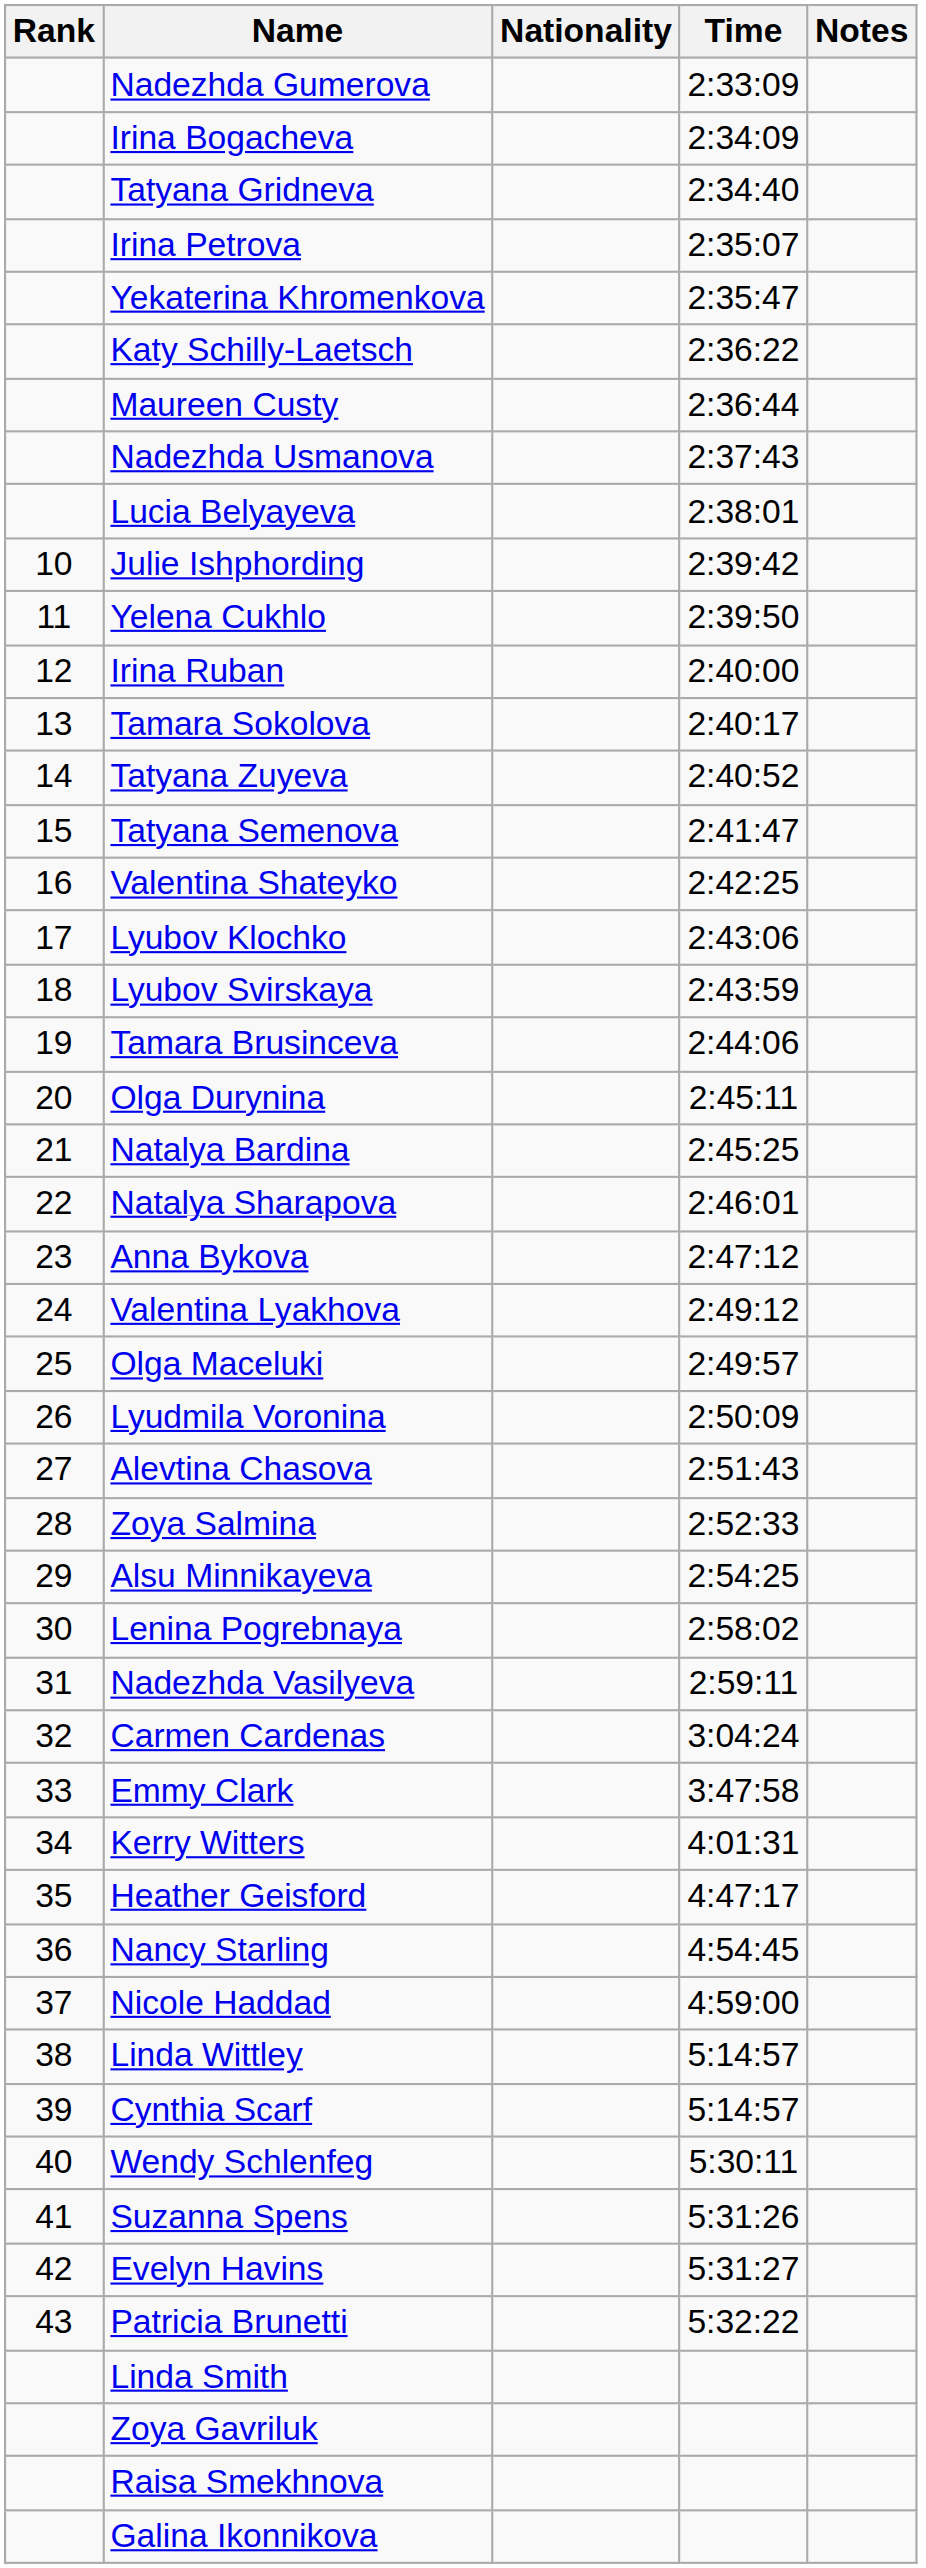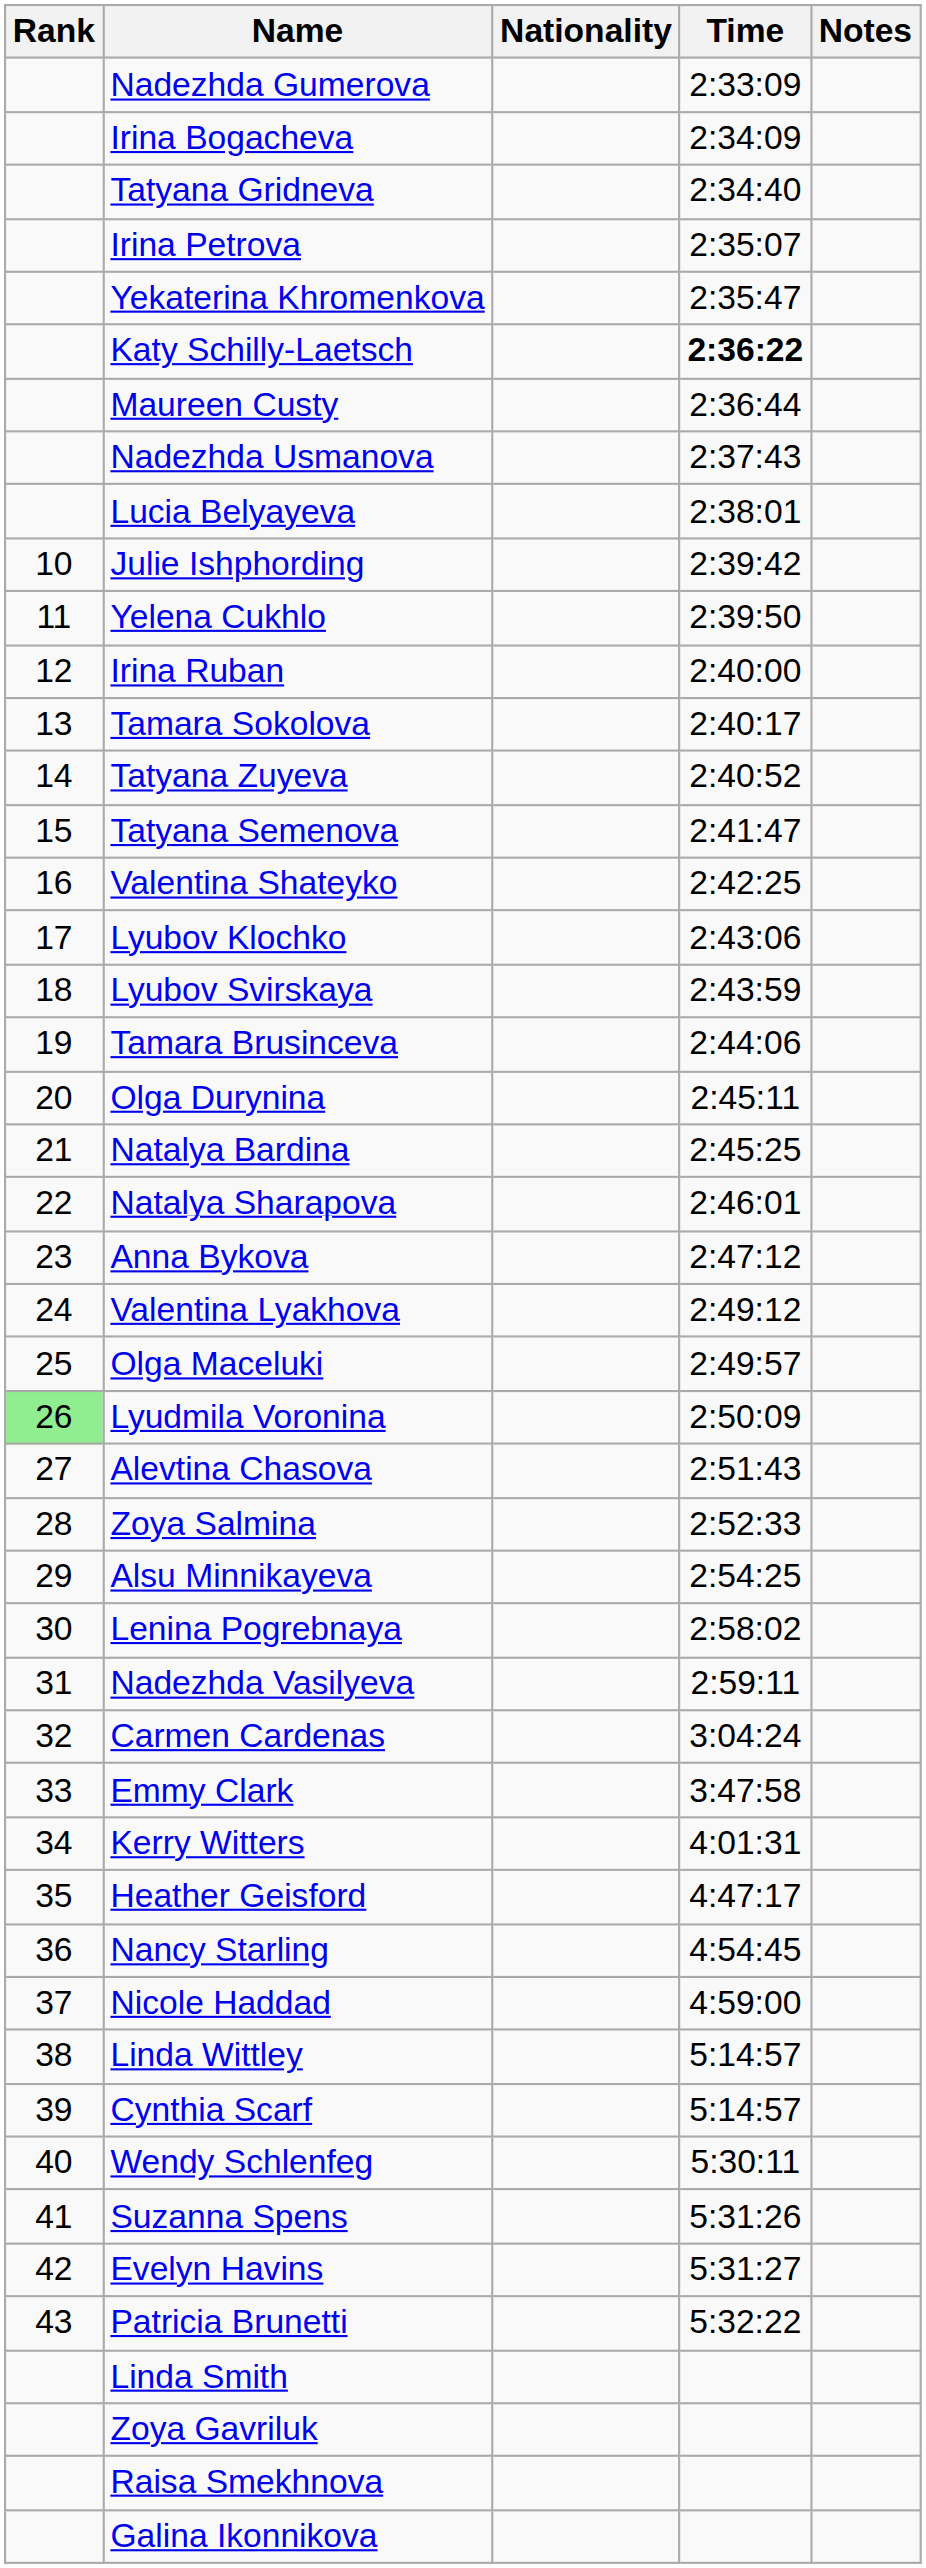 <table class="wikitable sortable" style="text-align:center">
 <tr>
 <th>Rank</th>
 <th>Name</th>
 <th>Nationality</th>
 <th>Time</th>
 <th>Notes</th>
 </tr>
 <tr>
 <td></td>
 <td align=left><a href='#'>Nadezhda Gumerova</a></td>
 <td align=left></td>
 <td>2:33:09</td>
 <td></td>
 </tr>
 <tr>
 <td></td>
 <td align=left><a href='#'>Irina Bogacheva</a></td>
 <td align=left></td>
 <td>2:34:09</td>
 <td></td>
 </tr>
 <tr>
 <td></td>
 <td align=left><a href='#'>Tatyana Gridneva</a></td>
 <td align=left></td>
 <td>2:34:40</td>
 <td></td>
 </tr>
 <tr>
 <td></td>
 <td align=left><a href='#'>Irina Petrova</a></td>
 <td align=left></td>
 <td>2:35:07</td>
 <td></td>
 </tr>
 <tr>
 <td></td>
 <td align=left><a href='#'>Yekaterina Khromenkova</a></td>
 <td align=left></td>
 <td>2:35:47</td>
 <td></td>
 </tr>
 <tr>
 <td></td>
 <td align=left><a href='#'>Katy Schilly-Laetsch</a></td>
 <td align=left></td>
-<td>2:36:22</td>
+<td><strong>2:36:22</strong></td>
 <td></td>
 </tr>
 <tr>
 <td></td>
 <td align=left><a href='#'>Maureen Custy</a></td>
 <td align=left></td>
 <td>2:36:44</td>
 <td></td>
 </tr>
 <tr>
 <td></td>
 <td align=left><a href='#'>Nadezhda Usmanova</a></td>
 <td align=left></td>
 <td>2:37:43</td>
 <td></td>
 </tr>
 <tr>
 <td></td>
 <td align=left><a href='#'>Lucia Belyayeva</a></td>
 <td align=left></td>
 <td>2:38:01</td>
 <td></td>
 </tr>
 <tr>
 <td>10</td>
 <td align=left><a href='#'>Julie Ishphording</a></td>
 <td align=left></td>
 <td>2:39:42</td>
 <td></td>
 </tr>
 <tr>
 <td>11</td>
 <td align=left><a href='#'>Yelena Cukhlo</a></td>
 <td align=left></td>
 <td>2:39:50</td>
 <td></td>
 </tr>
 <tr>
 <td>12</td>
 <td align=left><a href='#'>Irina Ruban</a></td>
 <td align=left></td>
 <td>2:40:00</td>
 <td></td>
 </tr>
 <tr>
 <td>13</td>
 <td align=left><a href='#'>Tamara Sokolova</a></td>
 <td align=left></td>
 <td>2:40:17</td>
 <td></td>
 </tr>
 <tr>
 <td>14</td>
 <td align=left><a href='#'>Tatyana Zuyeva</a></td>
 <td align=left></td>
 <td>2:40:52</td>
 <td></td>
 </tr>
 <tr>
 <td>15</td>
 <td align=left><a href='#'>Tatyana Semenova</a></td>
 <td align=left></td>
 <td>2:41:47</td>
 <td></td>
 </tr>
 <tr>
 <td>16</td>
 <td align=left><a href='#'>Valentina Shateyko</a></td>
 <td align=left></td>
 <td>2:42:25</td>
 <td></td>
 </tr>
 <tr>
 <td>17</td>
 <td align=left><a href='#'>Lyubov Klochko</a></td>
 <td align=left></td>
 <td>2:43:06</td>
 <td></td>
 </tr>
 <tr>
 <td>18</td>
 <td align=left><a href='#'>Lyubov Svirskaya</a></td>
 <td align=left></td>
 <td>2:43:59</td>
 <td></td>
 </tr>
 <tr>
 <td>19</td>
 <td align=left><a href='#'>Tamara Brusinceva</a></td>
 <td align=left></td>
 <td>2:44:06</td>
 <td></td>
 </tr>
 <tr>
 <td>20</td>
 <td align=left><a href='#'>Olga Durynina</a></td>
 <td align=left></td>
 <td>2:45:11</td>
 <td></td>
 </tr>
 <tr>
 <td>21</td>
 <td align=left><a href='#'>Natalya Bardina</a></td>
 <td align=left></td>
 <td>2:45:25</td>
 <td></td>
 </tr>
 <tr>
 <td>22</td>
 <td align=left><a href='#'>Natalya Sharapova</a></td>
 <td align=left></td>
 <td>2:46:01</td>
 <td></td>
 </tr>
 <tr>
 <td>23</td>
 <td align=left><a href='#'>Anna Bykova</a></td>
 <td align=left></td>
 <td>2:47:12</td>
 <td></td>
 </tr>
 <tr>
 <td>24</td>
 <td align=left><a href='#'>Valentina Lyakhova</a></td>
 <td align=left></td>
 <td>2:49:12</td>
 <td></td>
 </tr>
 <tr>
 <td>25</td>
 <td align=left><a href='#'>Olga Maceluki</a></td>
 <td align=left></td>
 <td>2:49:57</td>
 <td></td>
 </tr>
 <tr>
-<td>26</td>
+<td style="background: lightgreen;">26</td>
 <td align=left><a href='#'>Lyudmila Voronina</a></td>
 <td align=left></td>
 <td>2:50:09</td>
 <td></td>
 </tr>
 <tr>
 <td>27</td>
 <td align=left><a href='#'>Alevtina Chasova</a></td>
 <td align=left></td>
 <td>2:51:43</td>
 <td></td>
 </tr>
 <tr>
 <td>28</td>
 <td align=left><a href='#'>Zoya Salmina</a></td>
 <td align=left></td>
 <td>2:52:33</td>
 <td></td>
 </tr>
 <tr>
 <td>29</td>
 <td align=left><a href='#'>Alsu Minnikayeva</a></td>
 <td align=left></td>
 <td>2:54:25</td>
 <td></td>
 </tr>
 <tr>
 <td>30</td>
 <td align=left><a href='#'>Lenina Pogrebnaya</a></td>
 <td align=left></td>
 <td>2:58:02</td>
 <td></td>
 </tr>
 <tr>
 <td>31</td>
 <td align=left><a href='#'>Nadezhda Vasilyeva</a></td>
 <td align=left></td>
 <td>2:59:11</td>
 <td></td>
 </tr>
 <tr>
 <td>32</td>
 <td align=left><a href='#'>Carmen Cardenas</a></td>
 <td align=left></td>
 <td>3:04:24</td>
 <td></td>
 </tr>
 <tr>
 <td>33</td>
 <td align=left><a href='#'>Emmy Clark</a></td>
 <td align=left></td>
 <td>3:47:58</td>
 <td></td>
 </tr>
 <tr>
 <td>34</td>
 <td align=left><a href='#'>Kerry Witters</a></td>
 <td align=left></td>
 <td>4:01:31</td>
 <td></td>
 </tr>
 <tr>
 <td>35</td>
 <td align=left><a href='#'>Heather Geisford</a></td>
 <td align=left></td>
 <td>4:47:17</td>
 <td></td>
 </tr>
 <tr>
 <td>36</td>
 <td align=left><a href='#'>Nancy Starling</a></td>
 <td align=left></td>
 <td>4:54:45</td>
 <td></td>
 </tr>
 <tr>
 <td>37</td>
 <td align=left><a href='#'>Nicole Haddad</a></td>
 <td align=left></td>
 <td>4:59:00</td>
 <td></td>
 </tr>
 <tr>
 <td>38</td>
 <td align=left><a href='#'>Linda Wittley</a></td>
 <td align=left></td>
 <td>5:14:57</td>
 <td></td>
 </tr>
 <tr>
 <td>39</td>
 <td align=left><a href='#'>Cynthia Scarf</a></td>
 <td align=left></td>
 <td>5:14:57</td>
 <td></td>
 </tr>
 <tr>
 <td>40</td>
 <td align=left><a href='#'>Wendy Schlenfeg</a></td>
 <td align=left></td>
 <td>5:30:11</td>
 <td></td>
 </tr>
 <tr>
 <td>41</td>
 <td align=left><a href='#'>Suzanna Spens</a></td>
 <td align=left></td>
 <td>5:31:26</td>
 <td></td>
 </tr>
 <tr>
 <td>42</td>
 <td align=left><a href='#'>Evelyn Havins</a></td>
 <td align=left></td>
 <td>5:31:27</td>
 <td></td>
 </tr>
 <tr>
 <td>43</td>
 <td align=left><a href='#'>Patricia Brunetti</a></td>
 <td align=left></td>
 <td>5:32:22</td>
 <td></td>
 </tr>
 <tr>
 <td></td>
 <td align=left><a href='#'>Linda Smith</a></td>
 <td align=left></td>
 <td></td>
 <td></td>
 </tr>
 <tr>
 <td></td>
 <td align=left><a href='#'>Zoya Gavriluk</a></td>
 <td align=left></td>
 <td></td>
 <td></td>
 </tr>
 <tr>
 <td></td>
 <td align=left><a href='#'>Raisa Smekhnova</a></td>
 <td align=left></td>
 <td></td>
 <td></td>
 </tr>
 <tr>
 <td></td>
 <td align=left><a href='#'>Galina Ikonnikova</a></td>
 <td align=left></td>
 <td></td>
 <td></td>
 </tr>
 </table>
